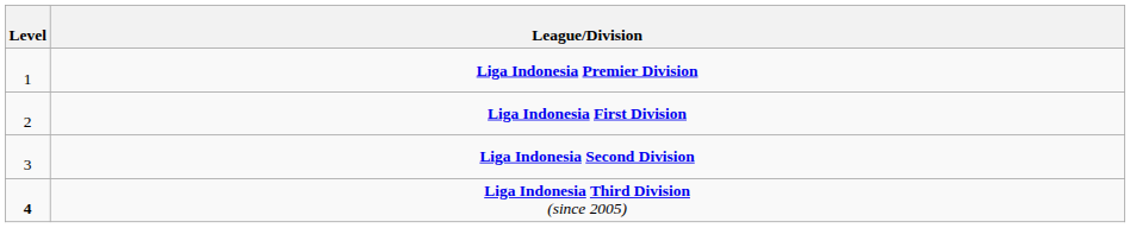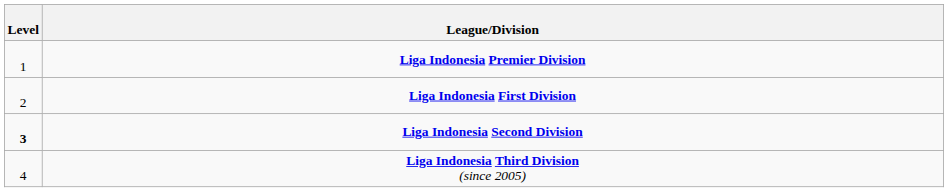 <table class="wikitable" style="text-align: center;">
 <tr>
 <th colspan="1" width="4%"><br>Level</th>
 <th colspan="18" width="96%"><br>League/Division</th>
 </tr>
 <tr>
 <td colspan="1" width="4%"><br>1</td>
 <td colspan="18" width="96%"><strong><a href='#'>Liga Indonesia</a> <a href='#'>Premier Division</a></strong></td>
 </tr>
 <tr>
 <td colspan="1" width="4%"><br>2</td>
 <td colspan="18" width="96%"><strong><a href='#'>Liga Indonesia</a> <a href='#'>First Division</a></strong></td>
 </tr>
 <tr>
-<td colspan="1" width="4%"><br>3</td>
+<td colspan="1" width="4%"><strong><br>3</strong></td>
 <td colspan="18" width="96%"><strong><a href='#'>Liga Indonesia</a> <a href='#'>Second Division</a></strong></td>
 </tr>
 <tr>
-<td colspan="1" width="4%"><strong><br>4</strong></td>
+<td colspan="1" width="4%"><br>4</td>
 <td colspan="18" width="96%"><strong><a href='#'>Liga Indonesia</a> <a href='#'>Third Division</a></strong><br><em>(since 2005)</em></td>
 </tr>
 </table>
